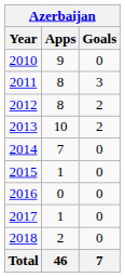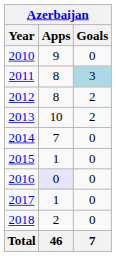 <table class="wikitable" style="text-align:center">
 <tr>
 <th colspan=3><a href='#'>Azerbaijan</a></th>
 </tr>
 <tr>
 <th>Year</th>
 <th>Apps</th>
 <th>Goals</th>
 </tr>
 <tr>
 <td><a href='#'>2010</a></td>
 <td>9</td>
 <td>0</td>
 </tr>
 <tr>
 <td><a href='#'>2011</a></td>
 <td>8</td>
-<td>3</td>
+<td style="background: lightblue;">3</td>
 </tr>
 <tr>
 <td><a href='#'>2012</a></td>
 <td>8</td>
 <td>2</td>
 </tr>
 <tr>
 <td><a href='#'>2013</a></td>
 <td>10</td>
 <td>2</td>
 </tr>
 <tr>
 <td><a href='#'>2014</a></td>
 <td>7</td>
 <td>0</td>
 </tr>
 <tr>
 <td><a href='#'>2015</a></td>
 <td>1</td>
 <td>0</td>
 </tr>
 <tr>
 <td><a href='#'>2016</a></td>
-<td>0</td>
+<td style="background: lavender;">0</td>
 <td>0</td>
 </tr>
 <tr>
 <td><a href='#'>2017</a></td>
 <td>1</td>
 <td>0</td>
 </tr>
 <tr>
 <td><a href='#'>2018</a></td>
 <td>2</td>
 <td>0</td>
 </tr>
 <tr>
 <th>Total</th>
 <th>46</th>
 <th>7</th>
 </tr>
 </table>
